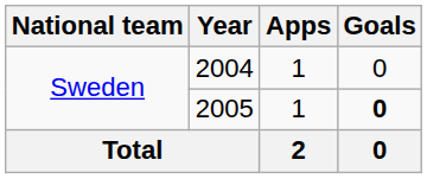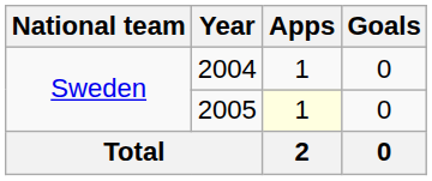 <table class="wikitable" style="text-align:center">
 <tr>
 <th>National team</th>
 <th>Year</th>
 <th>Apps</th>
 <th>Goals</th>
 </tr>
 <tr>
 <td rowspan="2"><a href='#'>Sweden</a></td>
 <td>2004</td>
 <td>1</td>
 <td>0</td>
 </tr>
 <tr>
 <td>2005</td>
-<td>1</td>
-<td><strong>0</strong></td>
+<td style="background: lightyellow;">1</td>
+<td>0</td>
 </tr>
 <tr>
 <th colspan="2">Total</th>
 <th>2</th>
 <th>0</th>
 </tr>
 </table>
